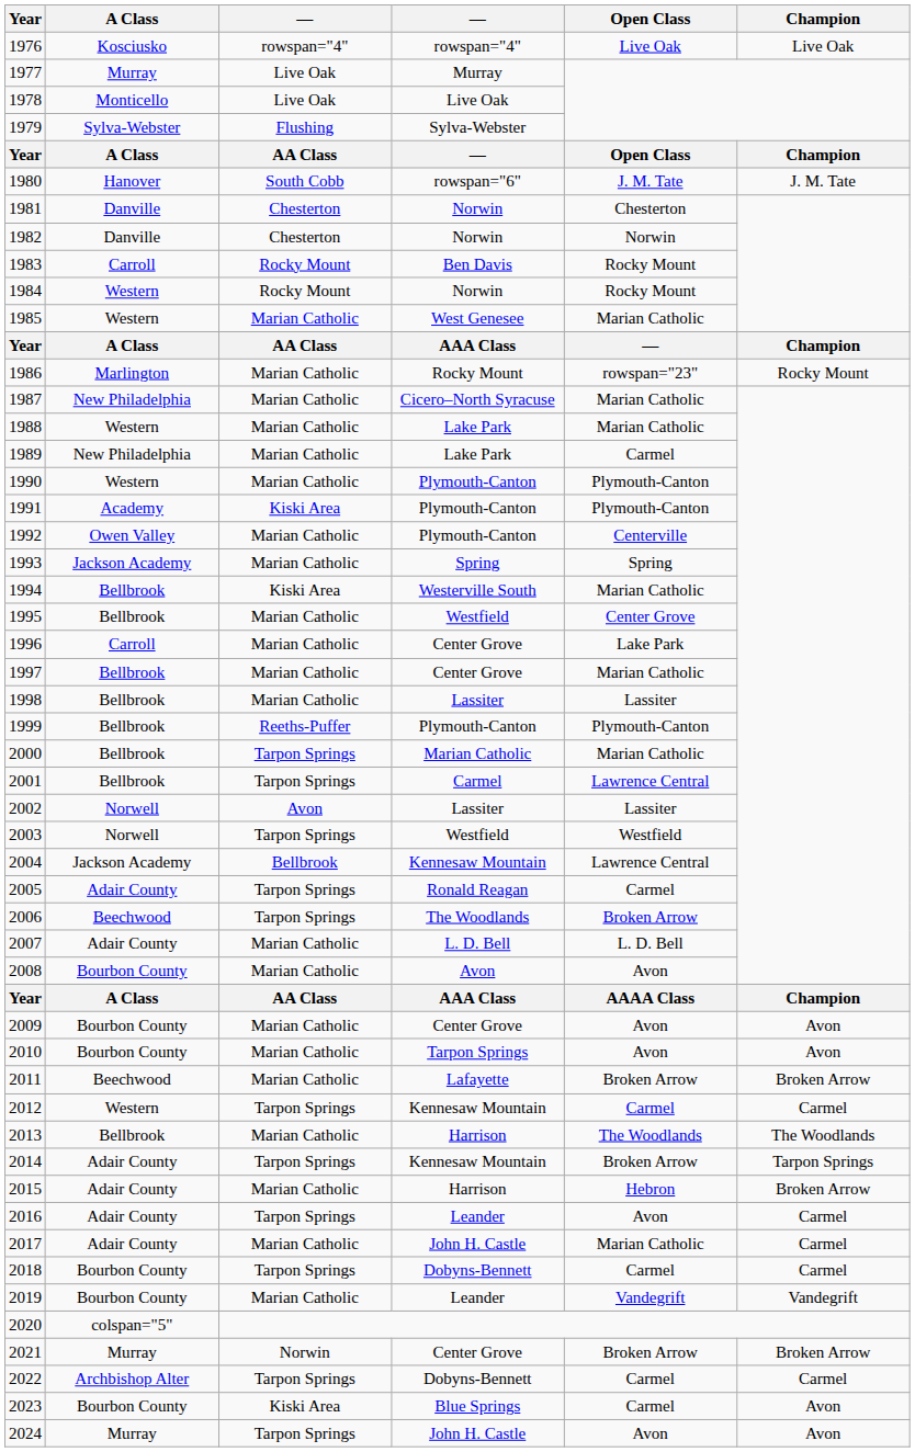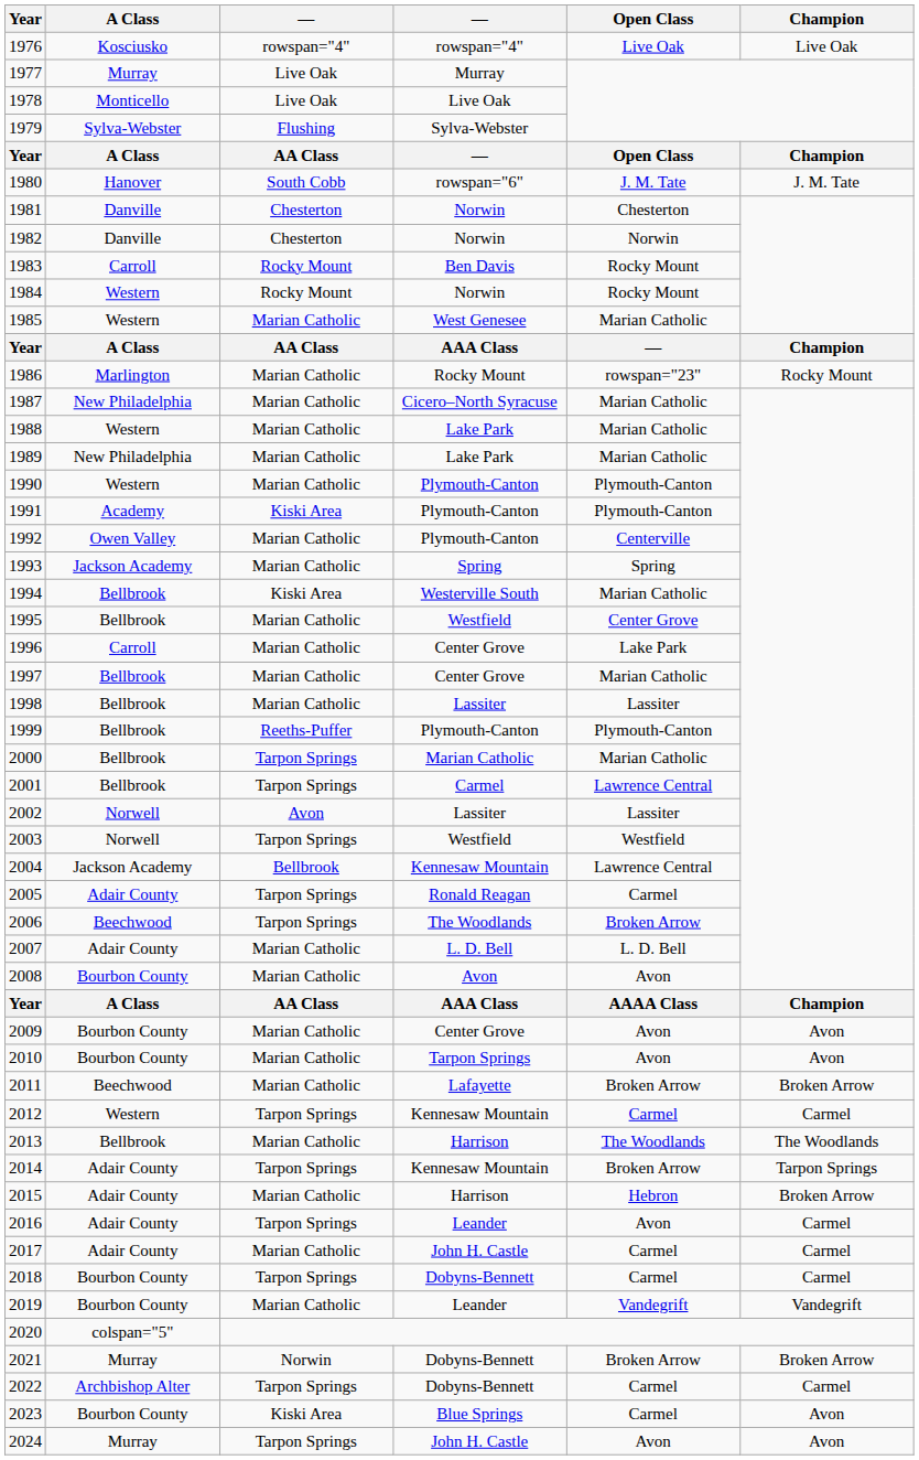 <table class="wikitable" style="font-size: 95%; text-align: center;">
 <tr>
 <th>Year</th>
 <th style="min-width: 10em;">A Class</th>
 <th style="min-width: 10em;">—</th>
 <th style="min-width: 10em;">—</th>
 <th style="min-width: 10em;">Open Class</th>
 <th style="min-width: 10em;">Champion</th>
 </tr>
 <tr>
 <td>1976</td>
 <td><a href='#'>Kosciusko</a></td>
 <td>rowspan="4" </td>
 <td>rowspan="4" </td>
 <td><a href='#'>Live Oak</a></td>
 <td>Live Oak</td>
 </tr>
 <tr>
 <td>1977</td>
 <td><a href='#'>Murray</a></td>
 <td>Live Oak </td>
 <td>Murray</td>
 </tr>
 <tr>
 <td>1978</td>
 <td><a href='#'>Monticello</a></td>
 <td>Live Oak </td>
 <td>Live Oak </td>
 </tr>
 <tr>
 <td>1979</td>
 <td><a href='#'>Sylva-Webster</a></td>
 <td><a href='#'>Flushing</a></td>
 <td>Sylva-Webster</td>
 </tr>
 <tr>
 <th>Year</th>
 <th>A Class</th>
 <th>AA Class</th>
 <th>—</th>
 <th>Open Class</th>
 <th>Champion</th>
 </tr>
 <tr>
 <td>1980</td>
 <td><a href='#'>Hanover</a></td>
 <td><a href='#'>South Cobb</a></td>
 <td>rowspan="6" </td>
 <td><a href='#'>J. M. Tate</a></td>
 <td>J. M. Tate</td>
 </tr>
 <tr>
 <td>1981</td>
 <td><a href='#'>Danville</a></td>
 <td><a href='#'>Chesterton</a></td>
 <td><a href='#'>Norwin</a></td>
 <td>Chesterton</td>
 </tr>
 <tr>
 <td>1982</td>
 <td>Danville </td>
 <td>Chesterton </td>
 <td>Norwin </td>
 <td>Norwin</td>
 </tr>
 <tr>
 <td>1983</td>
 <td><a href='#'>Carroll</a></td>
 <td><a href='#'>Rocky Mount</a></td>
 <td><a href='#'>Ben Davis</a></td>
 <td>Rocky Mount</td>
 </tr>
 <tr>
 <td>1984</td>
 <td><a href='#'>Western</a></td>
 <td>Rocky Mount </td>
 <td>Norwin </td>
 <td>Rocky Mount </td>
 </tr>
 <tr>
 <td>1985</td>
 <td>Western </td>
 <td><a href='#'>Marian Catholic</a></td>
 <td><a href='#'>West Genesee</a></td>
 <td>Marian Catholic</td>
 </tr>
 <tr>
 <th>Year</th>
 <th>A Class</th>
 <th>AA Class</th>
 <th>AAA Class</th>
 <th>—</th>
 <th>Champion</th>
 </tr>
 <tr>
 <td>1986</td>
 <td><a href='#'>Marlington</a></td>
 <td>Marian Catholic </td>
 <td>Rocky Mount</td>
 <td>rowspan="23" </td>
 <td>Rocky Mount </td>
 </tr>
 <tr>
 <td>1987</td>
 <td><a href='#'>New Philadelphia</a></td>
 <td>Marian Catholic </td>
 <td><a href='#'>Cicero–North Syracuse</a></td>
 <td>Marian Catholic </td>
 </tr>
 <tr>
 <td>1988</td>
 <td>Western </td>
 <td>Marian Catholic </td>
 <td><a href='#'>Lake Park</a></td>
 <td>Marian Catholic </td>
 </tr>
 <tr>
 <td>1989</td>
 <td>New Philadelphia </td>
 <td>Marian Catholic </td>
 <td>Lake Park </td>
-<td>Carmel </td>
+<td>Marian Catholic </td>
 </tr>
 <tr>
 <td>1990</td>
 <td>Western </td>
 <td>Marian Catholic </td>
 <td><a href='#'>Plymouth-Canton</a></td>
 <td>Plymouth-Canton</td>
 </tr>
 <tr>
 <td>1991</td>
 <td><a href='#'>Academy</a></td>
 <td><a href='#'>Kiski Area</a></td>
 <td>Plymouth-Canton </td>
 <td>Plymouth-Canton </td>
 </tr>
 <tr>
 <td>1992</td>
 <td><a href='#'>Owen Valley</a></td>
 <td>Marian Catholic </td>
 <td>Plymouth-Canton </td>
 <td><a href='#'>Centerville</a></td>
 </tr>
 <tr>
 <td>1993</td>
 <td><a href='#'>Jackson Academy</a></td>
 <td>Marian Catholic </td>
 <td><a href='#'>Spring</a></td>
 <td>Spring</td>
 </tr>
 <tr>
 <td>1994</td>
 <td><a href='#'>Bellbrook</a></td>
 <td>Kiski Area </td>
 <td><a href='#'>Westerville South</a></td>
 <td>Marian Catholic </td>
 </tr>
 <tr>
 <td>1995</td>
 <td>Bellbrook </td>
 <td>Marian Catholic </td>
 <td><a href='#'>Westfield</a></td>
 <td><a href='#'>Center Grove</a></td>
 </tr>
 <tr>
 <td>1996</td>
 <td><a href='#'>Carroll</a></td>
 <td>Marian Catholic </td>
 <td>Center Grove</td>
 <td>Lake Park</td>
 </tr>
 <tr>
 <td>1997</td>
 <td><a href='#'>Bellbrook</a></td>
 <td>Marian Catholic </td>
 <td>Center Grove </td>
 <td>Marian Catholic </td>
 </tr>
 <tr>
 <td>1998</td>
 <td>Bellbrook </td>
 <td>Marian Catholic </td>
 <td><a href='#'>Lassiter</a></td>
 <td>Lassiter</td>
 </tr>
 <tr>
 <td>1999</td>
 <td>Bellbrook </td>
 <td><a href='#'>Reeths-Puffer</a></td>
 <td>Plymouth-Canton </td>
 <td>Plymouth-Canton </td>
 </tr>
 <tr>
 <td>2000</td>
 <td>Bellbrook </td>
 <td><a href='#'>Tarpon Springs</a></td>
 <td><a href='#'>Marian Catholic</a></td>
 <td>Marian Catholic </td>
 </tr>
 <tr>
 <td>2001</td>
 <td>Bellbrook </td>
 <td>Tarpon Springs </td>
 <td><a href='#'>Carmel</a></td>
 <td><a href='#'>Lawrence Central</a></td>
 </tr>
 <tr>
 <td>2002</td>
 <td><a href='#'>Norwell</a></td>
 <td><a href='#'>Avon</a></td>
 <td>Lassiter </td>
 <td>Lassiter </td>
 </tr>
 <tr>
 <td>2003</td>
 <td>Norwell </td>
 <td>Tarpon Springs </td>
 <td>Westfield </td>
 <td>Westfield</td>
 </tr>
 <tr>
 <td>2004</td>
 <td>Jackson Academy </td>
 <td><a href='#'>Bellbrook</a></td>
 <td><a href='#'>Kennesaw Mountain</a></td>
 <td>Lawrence Central </td>
 </tr>
 <tr>
 <td>2005</td>
 <td><a href='#'>Adair County</a></td>
 <td>Tarpon Springs </td>
 <td><a href='#'>Ronald Reagan</a></td>
 <td>Carmel</td>
 </tr>
 <tr>
 <td>2006</td>
 <td><a href='#'>Beechwood</a></td>
 <td>Tarpon Springs </td>
 <td><a href='#'>The Woodlands</a></td>
 <td><a href='#'>Broken Arrow</a></td>
 </tr>
 <tr>
 <td>2007</td>
 <td>Adair County </td>
 <td>Marian Catholic </td>
 <td><a href='#'>L. D. Bell</a></td>
 <td>L. D. Bell</td>
 </tr>
 <tr>
 <td>2008</td>
 <td><a href='#'>Bourbon County</a></td>
 <td>Marian Catholic </td>
 <td><a href='#'>Avon</a></td>
 <td>Avon</td>
 </tr>
 <tr>
 <th>Year</th>
 <th>A Class</th>
 <th>AA Class</th>
 <th>AAA Class</th>
 <th>AAAA Class</th>
 <th>Champion</th>
 </tr>
 <tr>
 <td>2009</td>
 <td>Bourbon County </td>
 <td>Marian Catholic </td>
 <td>Center Grove </td>
 <td>Avon</td>
 <td>Avon </td>
 </tr>
 <tr>
 <td>2010</td>
 <td>Bourbon County </td>
 <td>Marian Catholic </td>
 <td><a href='#'>Tarpon Springs</a></td>
 <td>Avon </td>
 <td>Avon </td>
 </tr>
 <tr>
 <td>2011</td>
 <td>Beechwood </td>
 <td>Marian Catholic </td>
 <td><a href='#'>Lafayette</a></td>
 <td>Broken Arrow</td>
 <td>Broken Arrow </td>
 </tr>
 <tr>
 <td>2012</td>
 <td>Western </td>
 <td>Tarpon Springs </td>
 <td>Kennesaw Mountain </td>
 <td><a href='#'>Carmel</a></td>
 <td>Carmel </td>
 </tr>
 <tr>
 <td>2013</td>
 <td>Bellbrook </td>
 <td>Marian Catholic </td>
 <td><a href='#'>Harrison</a></td>
 <td><a href='#'>The Woodlands</a></td>
 <td>The Woodlands</td>
 </tr>
 <tr>
 <td>2014</td>
 <td>Adair County </td>
 <td>Tarpon Springs </td>
 <td>Kennesaw Mountain </td>
 <td>Broken Arrow </td>
 <td>Tarpon Springs</td>
 </tr>
 <tr>
 <td>2015</td>
 <td>Adair County </td>
 <td>Marian Catholic </td>
 <td>Harrison </td>
 <td><a href='#'>Hebron</a></td>
 <td>Broken Arrow </td>
 </tr>
 <tr>
 <td>2016</td>
 <td>Adair County </td>
 <td>Tarpon Springs </td>
 <td><a href='#'>Leander</a></td>
 <td>Avon </td>
 <td>Carmel </td>
 </tr>
 <tr>
 <td>2017</td>
 <td>Adair County </td>
 <td>Marian Catholic </td>
 <td><a href='#'>John H. Castle</a></td>
-<td>Marian Catholic </td>
+<td>Carmel </td>
 <td>Carmel </td>
 </tr>
 <tr>
 <td>2018</td>
 <td>Bourbon County </td>
 <td>Tarpon Springs </td>
 <td><a href='#'>Dobyns-Bennett</a></td>
 <td>Carmel </td>
 <td>Carmel </td>
 </tr>
 <tr>
 <td>2019</td>
 <td>Bourbon County  </td>
 <td>Marian Catholic </td>
 <td>Leander </td>
 <td><a href='#'>Vandegrift</a></td>
 <td>Vandegrift</td>
 </tr>
 <tr>
 <td>2020</td>
 <td>colspan="5" </td>
 </tr>
 <tr>
 <td>2021</td>
 <td>Murray </td>
 <td>Norwin</td>
-<td>Center Grove </td>
+<td>Dobyns-Bennett  </td>
 <td>Broken Arrow  </td>
 <td>Broken Arrow  </td>
 </tr>
 <tr>
 <td>2022</td>
 <td><a href='#'>Archbishop Alter</a></td>
 <td>Tarpon Springs </td>
 <td>Dobyns-Bennett  </td>
 <td>Carmel </td>
 <td>Carmel </td>
 </tr>
 <tr>
 <td>2023</td>
 <td>Bourbon County </td>
 <td>Kiski Area </td>
 <td><a href='#'>Blue Springs</a></td>
 <td>Carmel </td>
 <td>Avon </td>
 </tr>
 <tr>
 <td>2024</td>
 <td>Murray </td>
 <td>Tarpon Springs </td>
 <td><a href='#'>John H. Castle</a></td>
 <td>Avon </td>
 <td>Avon </td>
 </tr>
 </table>
